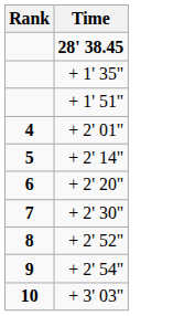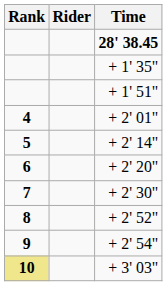 <table class=wikitable style="text-align:center; width=60%">
 <tr>
 <th>Rank</th>
+<th>Rider</th>
 <th>Time</th>
 </tr>
 <tr>
 <td></td>
+<td align="left"></td>
 <td align="right"><strong>28' 38.45</strong></td>
 </tr>
 <tr>
 <td></td>
+<td align="left"></td>
 <td align="right">+ 1' 35"</td>
 </tr>
 <tr>
 <td></td>
+<td align="left"></td>
 <td align="right">+ 1' 51"</td>
 </tr>
 <tr>
 <td><strong>4</strong></td>
+<td align="left"></td>
 <td align="right">+ 2' 01"</td>
 </tr>
 <tr>
 <td><strong>5</strong></td>
+<td align="left"></td>
 <td align="right">+ 2' 14"</td>
 </tr>
 <tr>
 <td><strong>6</strong></td>
+<td align="left"></td>
 <td align="right">+ 2' 20"</td>
 </tr>
 <tr>
 <td><strong>7</strong></td>
+<td align="left"></td>
 <td align="right">+ 2' 30"</td>
 </tr>
 <tr>
 <td><strong>8</strong></td>
+<td align="left"></td>
 <td align="right">+ 2' 52"</td>
 </tr>
 <tr>
 <td><strong>9</strong></td>
+<td align="left"></td>
 <td align="right">+ 2' 54"</td>
 </tr>
 <tr>
-<td><strong>10</strong></td>
+<td style="background: khaki;"><strong>10</strong></td>
+<td align="left"></td>
 <td align="right">+ 3' 03"</td>
 </tr>
 </table>
